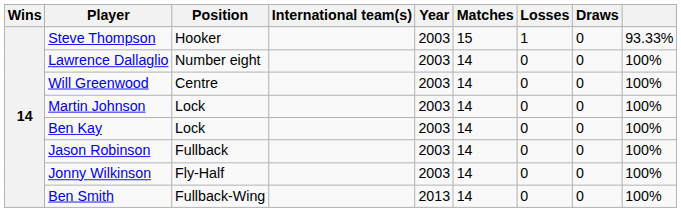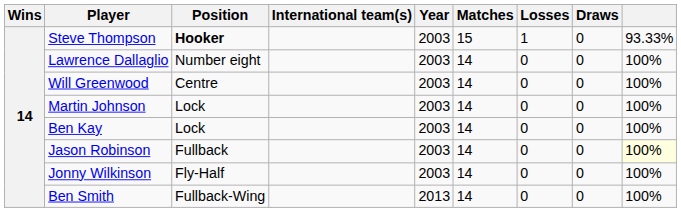 <table class="wikitable sortable">
 <tr align="left">
 <th>Wins</th>
 <th>Player</th>
 <th>Position</th>
 <th>International team(s)</th>
 <th>Year</th>
 <th>Matches</th>
 <th>Losses</th>
 <th>Draws</th>
 <th></th>
 </tr>
 <tr>
 <th rowspan=8>14</th>
 <td><a href='#'>Steve Thompson</a></td>
-<td>Hooker</td>
+<td><strong>Hooker</strong></td>
 <td></td>
 <td>2003</td>
 <td>15</td>
 <td>1</td>
 <td>0</td>
 <td>93.33%</td>
 </tr>
 <tr>
 <td><a href='#'>Lawrence Dallaglio</a></td>
 <td>Number eight</td>
 <td></td>
 <td>2003</td>
 <td>14</td>
 <td>0</td>
 <td>0</td>
 <td>100%</td>
 </tr>
 <tr>
 <td><a href='#'>Will Greenwood</a></td>
 <td>Centre</td>
 <td></td>
 <td>2003</td>
 <td>14</td>
 <td>0</td>
 <td>0</td>
 <td>100%</td>
 </tr>
 <tr>
 <td><a href='#'>Martin Johnson</a></td>
 <td>Lock</td>
 <td></td>
 <td>2003</td>
 <td>14</td>
 <td>0</td>
 <td>0</td>
 <td>100%</td>
 </tr>
 <tr>
 <td><a href='#'>Ben Kay</a></td>
 <td>Lock</td>
 <td></td>
 <td>2003</td>
 <td>14</td>
 <td>0</td>
 <td>0</td>
 <td>100%</td>
 </tr>
 <tr>
 <td><a href='#'>Jason Robinson</a></td>
 <td>Fullback</td>
 <td></td>
 <td>2003</td>
 <td>14</td>
 <td>0</td>
 <td>0</td>
-<td>100%</td>
+<td style="background: lightyellow;">100%</td>
 </tr>
 <tr>
 <td><a href='#'>Jonny Wilkinson</a></td>
 <td>Fly-Half</td>
 <td></td>
 <td>2003</td>
 <td>14</td>
 <td>0</td>
 <td>0</td>
 <td>100%</td>
 </tr>
 <tr>
 <td><a href='#'>Ben Smith</a></td>
 <td>Fullback-Wing</td>
 <td></td>
 <td>2013</td>
 <td>14</td>
 <td>0</td>
 <td>0</td>
 <td>100%</td>
 </tr>
 </table>
